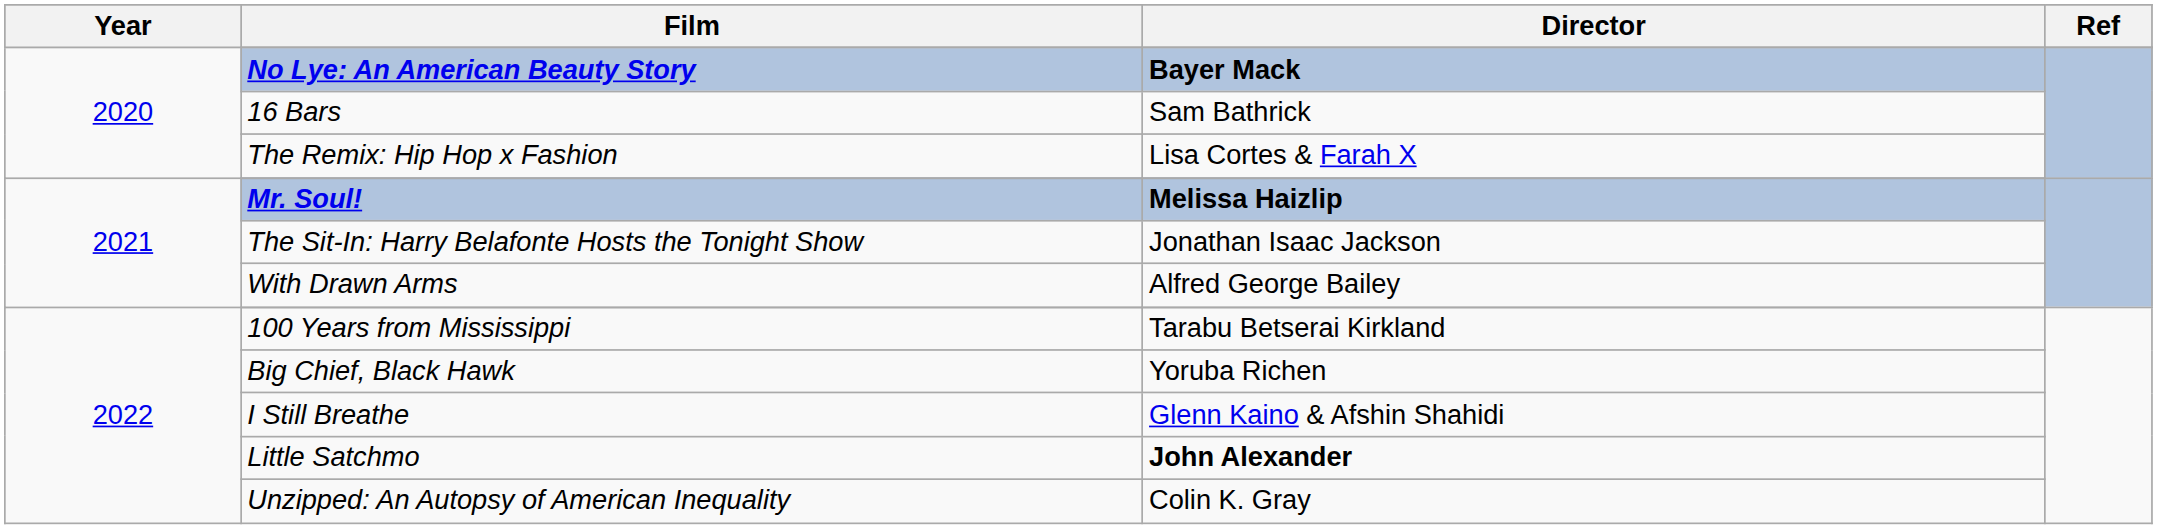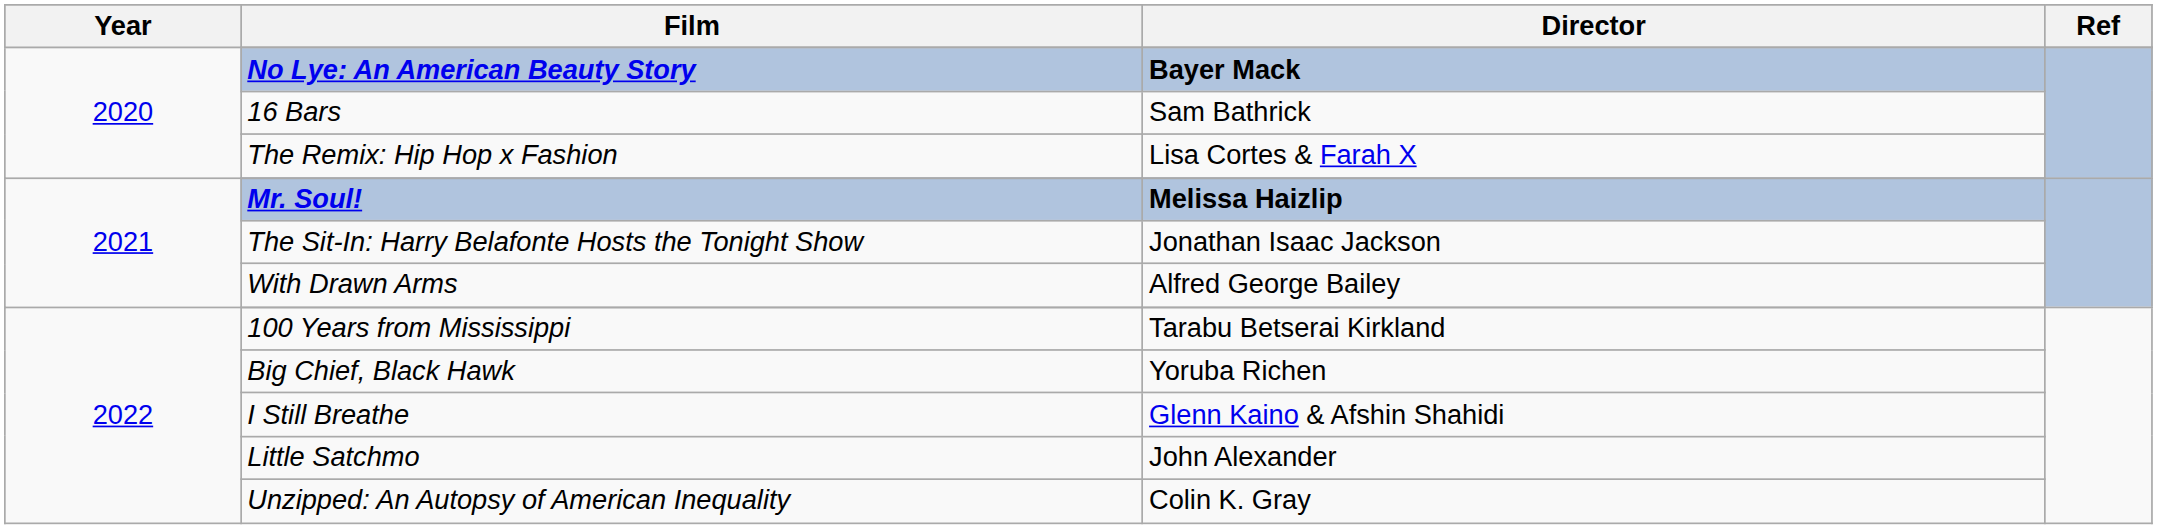 <table class="wikitable" style="width:100%;">
 <tr style="background:#bebebe;">
 <th style="width:11%;">Year</th>
 <th style="width:42%;">Film</th>
 <th style="width:42%;">Director</th>
 <th style="width:5%;">Ref</th>
 </tr>
 <tr>
 <td rowspan="4" align="center"><a href='#'>2020</a></td>
 </tr>
 <tr style="background:#B0C4DE">
 <td><strong><em><a href='#'>No Lye: An American Beauty Story</a></em></strong></td>
 <td><strong>Bayer Mack</strong></td>
 <td rowspan="4" align="center"></td>
 </tr>
 <tr>
 <td><em>16 Bars</em></td>
 <td>Sam Bathrick</td>
 </tr>
 <tr>
 <td><em>The Remix: Hip Hop x Fashion</em></td>
 <td>Lisa Cortes & <a href='#'>Farah X</a></td>
 </tr>
 <tr>
 <td rowspan="4" align="center"><a href='#'>2021</a></td>
 </tr>
 <tr style="background:#B0C4DE">
 <td><strong><em><a href='#'>Mr. Soul!</a></em></strong></td>
 <td><strong>Melissa Haizlip</strong></td>
 <td rowspan="4" align="center"></td>
 </tr>
 <tr>
 <td><em>The Sit-In: Harry Belafonte Hosts the Tonight Show</em></td>
 <td>Jonathan Isaac Jackson</td>
 </tr>
 <tr>
 <td><em>With Drawn Arms</em></td>
 <td>Alfred George Bailey</td>
 </tr>
 <tr>
 <td rowspan="6" align="center"><a href='#'>2022</a></td>
 </tr>
 <tr>
 <td><em>100 Years from Mississippi</em></td>
 <td>Tarabu Betserai Kirkland</td>
 <td rowspan="6" align="center"></td>
 </tr>
 <tr>
 <td><em>Big Chief, Black Hawk</em></td>
 <td>Yoruba Richen</td>
 </tr>
 <tr>
 <td><em>I Still Breathe</em></td>
 <td><a href='#'>Glenn Kaino</a> & Afshin Shahidi</td>
 </tr>
 <tr>
 <td><em>Little Satchmo</em></td>
-<td><strong>John Alexander</strong></td>
+<td>John Alexander</td>
 </tr>
 <tr>
 <td><em>Unzipped: An Autopsy of American Inequality</em></td>
 <td>Colin K. Gray</td>
 </tr>
 </table>
